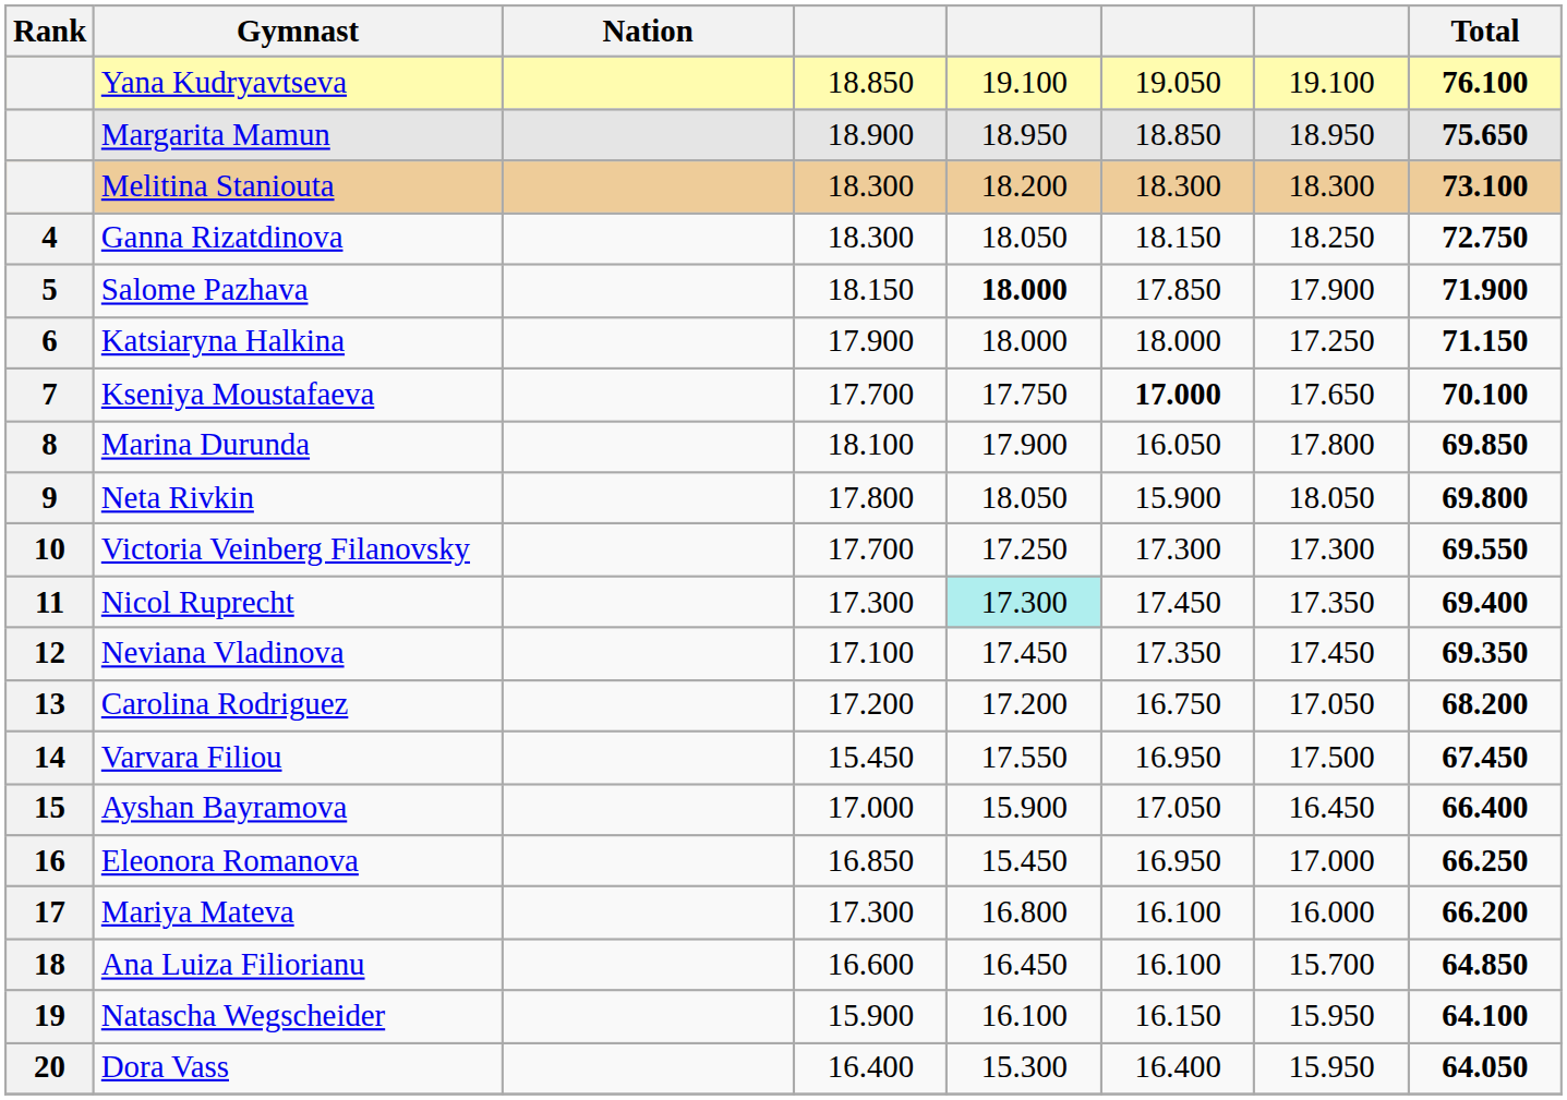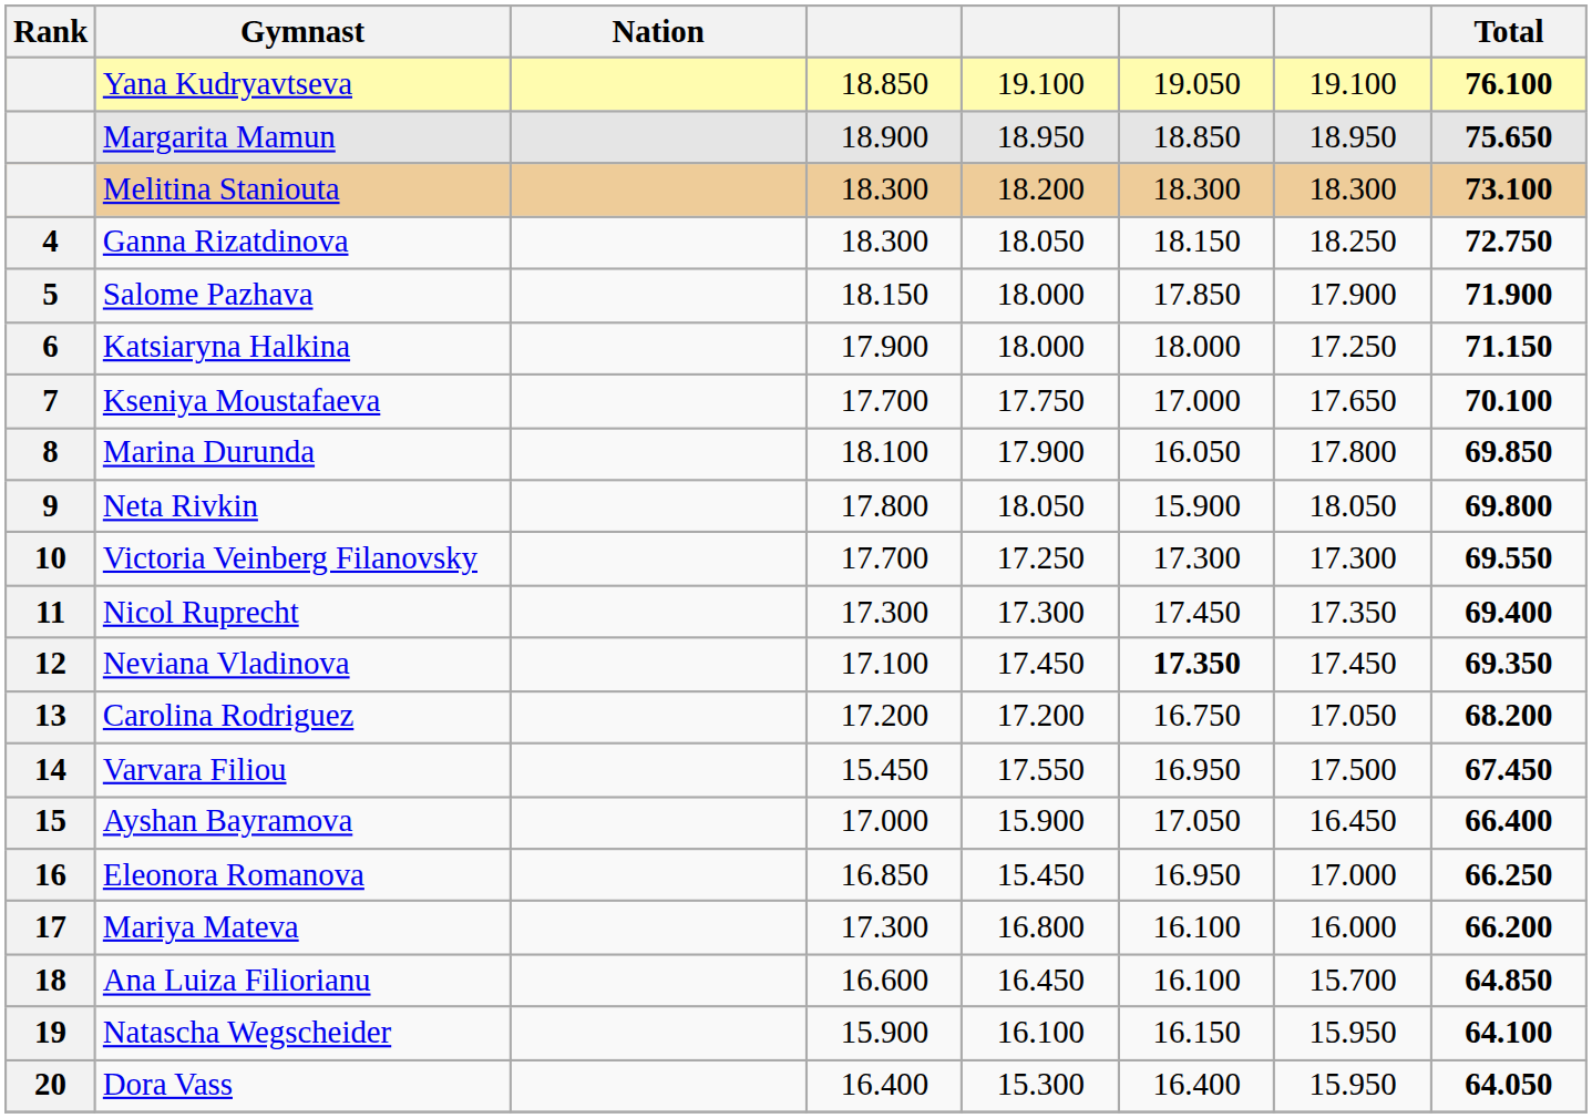 <table class="wikitable sortable" style="text-align:center; font-size:85%">
 <tr>
 <th scope="col" style="width:20px;">Rank</th>
 <th ! scope="col" style="width:170px;">Gymnast</th>
 <th ! scope="col" style="width:120px;">Nation</th>
 <th ! scope="col" style="width:60px;"></th>
 <th ! scope="col" style="width:60px;"></th>
 <th ! scope="col" style="width:60px;"></th>
 <th ! scope="col" style="width:60px;"></th>
 <th ! scope="col" style="width:60px;">Total</th>
 </tr>
 <tr bgcolor=fffcaf>
 <th scope=row></th>
 <td align=left><a href='#'>Yana Kudryavtseva</a></td>
 <td style="text-align:left;"></td>
 <td>18.850</td>
 <td>19.100</td>
 <td>19.050</td>
 <td>19.100</td>
 <td><strong>76.100</strong></td>
 </tr>
 <tr bgcolor=e5e5e5>
 <th scope=row></th>
 <td align=left><a href='#'>Margarita Mamun</a></td>
 <td style="text-align:left;"></td>
 <td>18.900</td>
 <td>18.950</td>
 <td>18.850</td>
 <td>18.950</td>
 <td><strong>75.650</strong></td>
 </tr>
 <tr bgcolor=eecc99>
 <th scope=row></th>
 <td align=left><a href='#'>Melitina Staniouta</a></td>
 <td style="text-align:left;"></td>
 <td>18.300</td>
 <td>18.200</td>
 <td>18.300</td>
 <td>18.300</td>
 <td><strong>73.100</strong></td>
 </tr>
 <tr>
 <th scope=row>4</th>
 <td align=left><a href='#'>Ganna Rizatdinova</a></td>
 <td style="text-align:left;"></td>
 <td>18.300</td>
 <td>18.050</td>
 <td>18.150</td>
 <td>18.250</td>
 <td><strong>72.750</strong></td>
 </tr>
 <tr>
 <th scope=row>5</th>
 <td align=left><a href='#'>Salome Pazhava</a></td>
 <td style="text-align:left;"></td>
 <td>18.150</td>
-<td><strong>18.000</strong></td>
+<td>18.000</td>
 <td>17.850</td>
 <td>17.900</td>
 <td><strong>71.900</strong></td>
 </tr>
 <tr>
 <th scope=row>6</th>
 <td align=left><a href='#'>Katsiaryna Halkina</a></td>
 <td style="text-align:left;"></td>
 <td>17.900</td>
 <td>18.000</td>
 <td>18.000</td>
 <td>17.250</td>
 <td><strong>71.150</strong></td>
 </tr>
 <tr>
 <th scope=row>7</th>
 <td align=left><a href='#'>Kseniya Moustafaeva</a></td>
 <td style="text-align:left;"></td>
 <td>17.700</td>
 <td>17.750</td>
-<td><strong>17.000</strong></td>
+<td>17.000</td>
 <td>17.650</td>
 <td><strong>70.100</strong></td>
 </tr>
 <tr>
 <th scope=row>8</th>
 <td align=left><a href='#'>Marina Durunda</a></td>
 <td style="text-align:left;"></td>
 <td>18.100</td>
 <td>17.900</td>
 <td>16.050</td>
 <td>17.800</td>
 <td><strong>69.850</strong></td>
 </tr>
 <tr>
 <th scope=row>9</th>
 <td align=left><a href='#'>Neta Rivkin</a></td>
 <td style="text-align:left;"></td>
 <td>17.800</td>
 <td>18.050</td>
 <td>15.900</td>
 <td>18.050</td>
 <td><strong>69.800</strong></td>
 </tr>
 <tr>
 <th scope=row>10</th>
 <td align=left><a href='#'>Victoria Veinberg Filanovsky</a></td>
 <td style="text-align:left;"></td>
 <td>17.700</td>
 <td>17.250</td>
 <td>17.300</td>
 <td>17.300</td>
 <td><strong>69.550</strong></td>
 </tr>
 <tr>
 <th scope=row>11</th>
 <td align=left><a href='#'>Nicol Ruprecht</a></td>
 <td style="text-align:left;"></td>
 <td>17.300</td>
-<td style="background: paleturquoise;">17.300</td>
+<td>17.300</td>
 <td>17.450</td>
 <td>17.350</td>
 <td><strong>69.400</strong></td>
 </tr>
 <tr>
 <th scope=row>12</th>
 <td align=left><a href='#'>Neviana Vladinova</a></td>
 <td style="text-align:left;"></td>
 <td>17.100</td>
 <td>17.450</td>
-<td>17.350</td>
+<td><strong>17.350</strong></td>
 <td>17.450</td>
 <td><strong>69.350</strong></td>
 </tr>
 <tr>
 <th scope=row>13</th>
 <td align=left><a href='#'>Carolina Rodriguez</a></td>
 <td style="text-align:left;"></td>
 <td>17.200</td>
 <td>17.200</td>
 <td>16.750</td>
 <td>17.050</td>
 <td><strong>68.200</strong></td>
 </tr>
 <tr>
 <th scope=row>14</th>
 <td align=left><a href='#'>Varvara Filiou</a></td>
 <td style="text-align:left;"></td>
 <td>15.450</td>
 <td>17.550</td>
 <td>16.950</td>
 <td>17.500</td>
 <td><strong>67.450</strong></td>
 </tr>
 <tr>
 <th scope=row>15</th>
 <td align=left><a href='#'>Ayshan Bayramova</a></td>
 <td style="text-align:left;"></td>
 <td>17.000</td>
 <td>15.900</td>
 <td>17.050</td>
 <td>16.450</td>
 <td><strong>66.400</strong></td>
 </tr>
 <tr>
 <th scope=row>16</th>
 <td align=left><a href='#'>Eleonora Romanova</a></td>
 <td style="text-align:left;"></td>
 <td>16.850</td>
 <td>15.450</td>
 <td>16.950</td>
 <td>17.000</td>
 <td><strong>66.250</strong></td>
 </tr>
 <tr>
 <th scope=row>17</th>
 <td align=left><a href='#'>Mariya Mateva</a></td>
 <td style="text-align:left;"></td>
 <td>17.300</td>
 <td>16.800</td>
 <td>16.100</td>
 <td>16.000</td>
 <td><strong>66.200</strong></td>
 </tr>
 <tr>
 <th scope=row>18</th>
 <td align=left><a href='#'>Ana Luiza Filiorianu</a></td>
 <td style="text-align:left;"></td>
 <td>16.600</td>
 <td>16.450</td>
 <td>16.100</td>
 <td>15.700</td>
 <td><strong>64.850</strong></td>
 </tr>
 <tr>
 <th scope=row>19</th>
 <td align=left><a href='#'>Natascha Wegscheider</a></td>
 <td style="text-align:left;"></td>
 <td>15.900</td>
 <td>16.100</td>
 <td>16.150</td>
 <td>15.950</td>
 <td><strong>64.100</strong></td>
 </tr>
 <tr>
 <th scope=row>20</th>
 <td align=left><a href='#'>Dora Vass</a></td>
 <td style="text-align:left;"></td>
 <td>16.400</td>
 <td>15.300</td>
 <td>16.400</td>
 <td>15.950</td>
 <td><strong>64.050</strong></td>
 </tr>
 <tr>
 </tr>
 </table>
